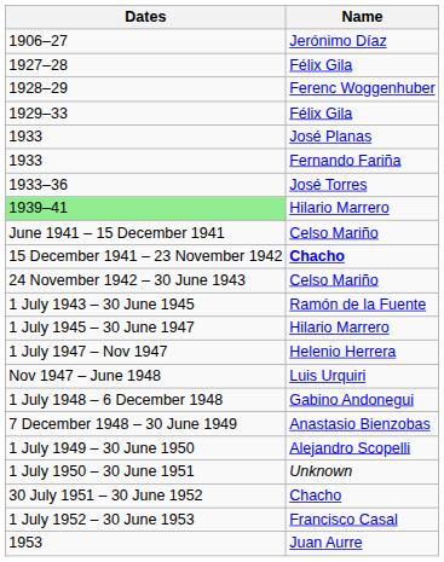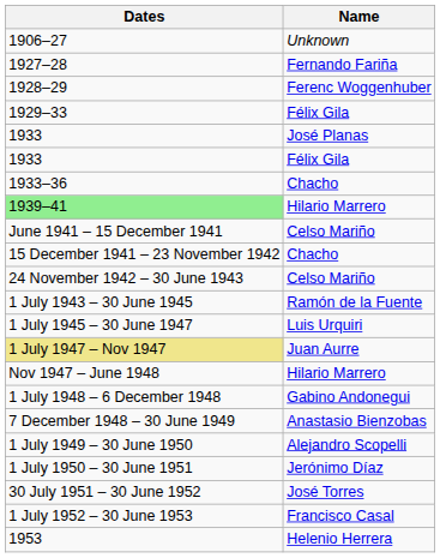 <table class="wikitable">
 <tr>
 <th>Dates</th>
 <th>Name</th>
 </tr>
 <tr>
 <td>1906–27</td>
-<td> <a href='#'>Jerónimo Díaz</a></td>
+<td><em>Unknown</em></td>
 </tr>
 <tr>
 <td>1927–28</td>
-<td> <a href='#'>Félix Gila</a></td>
+<td> <a href='#'>Fernando Fariña</a></td>
 </tr>
 <tr>
 <td>1928–29</td>
 <td> <a href='#'>Ferenc Woggenhuber</a></td>
 </tr>
 <tr>
 <td>1929–33</td>
 <td> <a href='#'>Félix Gila</a></td>
 </tr>
 <tr>
 <td>1933</td>
 <td> <a href='#'>José Planas</a></td>
 </tr>
 <tr>
 <td>1933</td>
-<td> <a href='#'>Fernando Fariña</a></td>
+<td> <a href='#'>Félix Gila</a></td>
 </tr>
 <tr>
 <td>1933–36</td>
-<td> <a href='#'>José Torres</a></td>
+<td> <a href='#'>Chacho</a></td>
 </tr>
 <tr>
 <td style="background: lightgreen;">1939–41</td>
 <td> <a href='#'>Hilario Marrero</a></td>
 </tr>
 <tr>
 <td>June 1941 – 15 December 1941</td>
 <td> <a href='#'>Celso Mariño</a></td>
 </tr>
 <tr>
 <td>15 December 1941 – 23 November 1942</td>
-<td><strong> <a href='#'>Chacho</a></strong></td>
+<td> <a href='#'>Chacho</a></td>
 </tr>
 <tr>
 <td>24 November 1942 – 30 June 1943</td>
 <td> <a href='#'>Celso Mariño</a></td>
 </tr>
 <tr>
 <td>1 July 1943 – 30 June 1945</td>
 <td> <a href='#'>Ramón de la Fuente</a></td>
 </tr>
 <tr>
 <td>1 July 1945 – 30 June 1947</td>
-<td> <a href='#'>Hilario Marrero</a></td>
+<td> <a href='#'>Luis Urquiri</a></td>
 </tr>
 <tr>
-<td>1 July 1947 – Nov 1947</td>
-<td> <a href='#'>Helenio Herrera</a></td>
+<td style="background: khaki;">1 July 1947 – Nov 1947</td>
+<td> <a href='#'>Juan Aurre</a></td>
 </tr>
 <tr>
 <td>Nov 1947 – June 1948</td>
-<td> <a href='#'>Luis Urquiri</a></td>
+<td> <a href='#'>Hilario Marrero</a></td>
 </tr>
 <tr>
 <td>1 July 1948 – 6 December 1948</td>
 <td> <a href='#'>Gabino Andonegui</a></td>
 </tr>
 <tr>
 <td>7 December 1948 – 30 June 1949</td>
 <td> <a href='#'>Anastasio Bienzobas</a></td>
 </tr>
 <tr>
 <td>1 July 1949 – 30 June 1950</td>
 <td> <a href='#'>Alejandro Scopelli</a></td>
 </tr>
 <tr>
 <td>1 July 1950 – 30 June 1951</td>
-<td><em>Unknown</em></td>
+<td> <a href='#'>Jerónimo Díaz</a></td>
 </tr>
 <tr>
 <td>30 July 1951 – 30 June 1952</td>
-<td> <a href='#'>Chacho</a></td>
+<td> <a href='#'>José Torres</a></td>
 </tr>
 <tr>
 <td>1 July 1952 – 30 June 1953</td>
 <td> <a href='#'>Francisco Casal</a></td>
 </tr>
 <tr>
 <td>1953</td>
-<td> <a href='#'>Juan Aurre</a></td>
+<td> <a href='#'>Helenio Herrera</a></td>
 </tr>
 </table>
